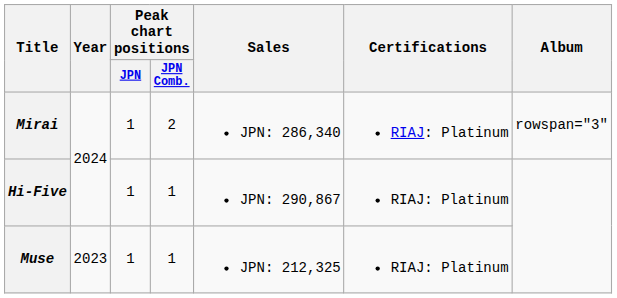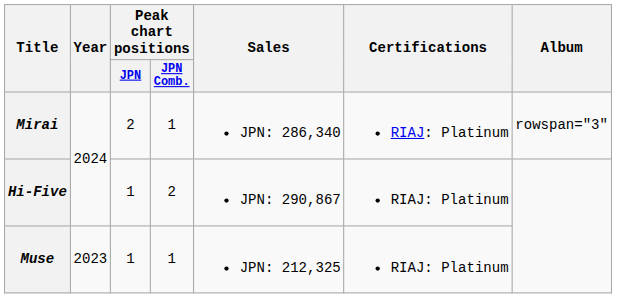 <table class="wikitable plainrowheaders" style="text-align:center">
 <tr>
 <th scope="col" rowspan="2">Title</th>
 <th scope="col" rowspan="2">Year</th>
 <th scope="col" colspan="2">Peak chart positions</th>
 <th scope="col" rowspan="2">Sales</th>
 <th scope="col" rowspan="2">Certifications</th>
 <th scope="col" rowspan="2">Album</th>
 </tr>
 <tr>
 <th scope="col" style="width:2.75em;font-size:85%"><a href='#'>JPN</a><br></th>
 <th scope="col" style="width:2.5em;font-size:85%"><a href='#'>JPN<br>Comb.</a><br></th>
 </tr>
 <tr>
 <th scope="row"><em>Mirai</em></th>
 <td rowspan="2">2024</td>
+<td>2</td>
 <td>1</td>
-<td>2</td>
 <td><br><ul><li>JPN: 286,340</li></ul></td>
 <td><br><ul><li><a href='#'>RIAJ</a>: Platinum </li></ul></td>
 <td>rowspan="3" </td>
 </tr>
 <tr>
 <th scope="row"><em>Hi-Five</em></th>
 <td>1</td>
-<td>1</td>
+<td>2</td>
 <td><br><ul><li>JPN: 290,867</li></ul></td>
 <td><br><ul><li>RIAJ: Platinum </li></ul></td>
 </tr>
 <tr>
 <th scope="row"><em>Muse</em></th>
 <td>2023</td>
 <td>1</td>
 <td>1</td>
 <td><br><ul><li>JPN: 212,325</li></ul></td>
 <td><br><ul><li>RIAJ: Platinum </li></ul></td>
 </tr>
 </table>
